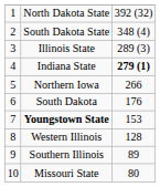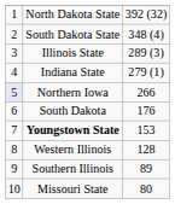 <table class="wikitable">
 <tr align="center">
 </tr>
 <tr align="center">
 <td>1</td>
 <td>North Dakota State</td>
 <td>392 (32)</td>
 </tr>
 <tr align="center">
 <td>2</td>
 <td>South Dakota State</td>
 <td>348 (4)</td>
 </tr>
 <tr align="center">
 <td>3</td>
 <td>Illinois State</td>
 <td>289 (3)</td>
 </tr>
 <tr align="center">
 <td>4</td>
 <td>Indiana State</td>
-<td><strong>279 (1)</strong></td>
+<td>279 (1)</td>
 </tr>
 <tr align="center">
-<td>5</td>
+<td style="background: lavender;">5</td>
 <td>Northern Iowa</td>
 <td>266</td>
 </tr>
 <tr align="center">
 <td>6</td>
 <td>South Dakota</td>
 <td>176</td>
 </tr>
 <tr align="center">
 <td>7</td>
 <td><strong>Youngstown State</strong></td>
 <td>153</td>
 </tr>
 <tr align="center">
 <td>8</td>
 <td>Western Illinois</td>
 <td>128</td>
 </tr>
 <tr align="center">
 <td>9</td>
 <td>Southern Illinois</td>
 <td>89</td>
 </tr>
 <tr align="center">
 <td>10</td>
 <td>Missouri State</td>
 <td>80</td>
 </tr>
 </table>
